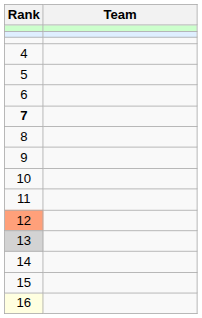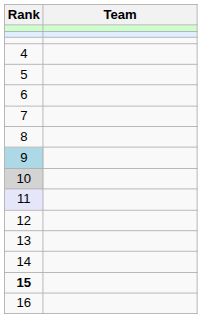 <table class="wikitable" style="text-align:center;">
 <tr>
 <th width=40>Rank</th>
 <th width=180>Team</th>
 </tr>
 <tr bgcolor=#ccffcc>
 <td></td>
 <td style="text-align:left;"></td>
 </tr>
 <tr bgcolor=#dfefff>
 <td></td>
 <td style="text-align:left;"></td>
 </tr>
 <tr>
 <td></td>
 <td style="text-align:left;"></td>
 </tr>
 <tr>
 <td>4</td>
 <td style="text-align:left;"></td>
 </tr>
 <tr>
 <td>5</td>
 <td style="text-align:left;"></td>
 </tr>
 <tr>
 <td>6</td>
 <td style="text-align:left;"></td>
 </tr>
 <tr>
-<td><strong>7</strong></td>
+<td>7</td>
 <td style="text-align:left;"></td>
 </tr>
 <tr>
 <td>8</td>
 <td style="text-align:left;"></td>
 </tr>
 <tr>
-<td>9</td>
+<td style="background: lightblue;">9</td>
 <td style="text-align:left;"></td>
 </tr>
 <tr>
-<td>10</td>
+<td style="background: lightgrey;">10</td>
 <td style="text-align:left;"></td>
 </tr>
 <tr>
-<td>11</td>
+<td style="background: lavender;">11</td>
 <td style="text-align:left;"></td>
 </tr>
 <tr>
-<td style="background: lightsalmon;">12</td>
+<td>12</td>
 <td style="text-align:left;"></td>
 </tr>
 <tr>
-<td style="background: lightgrey;">13</td>
+<td>13</td>
 <td style="text-align:left;"></td>
 </tr>
 <tr>
 <td>14</td>
 <td style="text-align:left;"></td>
 </tr>
 <tr>
-<td>15</td>
+<td><strong>15</strong></td>
 <td style="text-align:left;"></td>
 </tr>
 <tr>
-<td style="background: lightyellow;">16</td>
+<td>16</td>
 <td style="text-align:left;"></td>
 </tr>
 </table>
